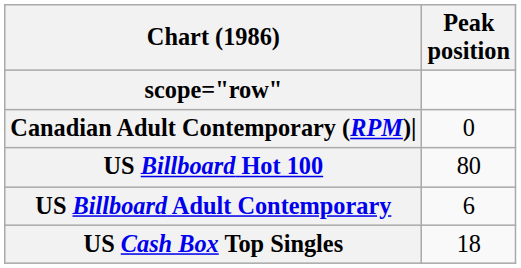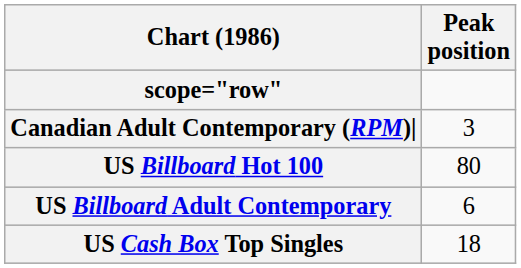 <table class="wikitable sortable plainrowheaders" style="text-align:center;">
 <tr>
 <th scope="col">Chart (1986)</th>
 <th scope="col">Peak<br>position</th>
 </tr>
 <tr>
 <th>scope="row"</th>
 </tr>
 <tr>
 <th scope="row">Canadian Adult Contemporary (<em><a href='#'>RPM</a></em>)|</th>
-<td style="text-align:center;">0</td>
+<td style="text-align:center;">3</td>
 </tr>
 <tr>
 <th scope="row">US <a href='#'><em>Billboard</em> Hot 100</a></th>
 <td style="text-align:center;">80</td>
 </tr>
 <tr>
 <th scope="row">US <a href='#'><em>Billboard</em> Adult Contemporary</a></th>
 <td style="text-align:center;">6</td>
 </tr>
 <tr>
 <th scope="row">US <em><a href='#'>Cash Box</a></em> Top Singles</th>
 <td style="text-align:center;">18</td>
 </tr>
 </table>
